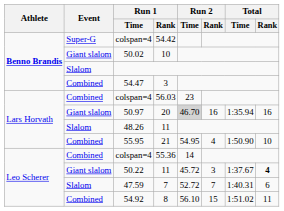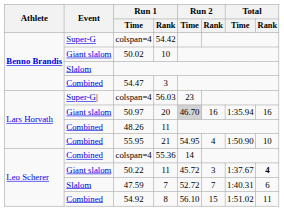 <table class="wikitable" style="font-size:90%">
 <tr>
 <th rowspan=2>Athlete</th>
 <th rowspan=2>Event</th>
 <th colspan=2>Run 1</th>
 <th colspan=2>Run 2</th>
 <th colspan=2>Total</th>
 </tr>
 <tr style="font-size:95%">
 <th>Time</th>
 <th>Rank</th>
 <th>Time</th>
 <th>Rank</th>
 <th>Time</th>
 <th>Rank</th>
 </tr>
 <tr align=center>
 <td align="left" rowspan="4"><strong><a href='#'>Benno Brandis</a></strong></td>
 <td align="left"><a href='#'>Super-G</a></td>
 <td>colspan=4</td>
 <td>54.42</td>
 <td></td>
 </tr>
 <tr align=center>
 <td align="left"><a href='#'>Giant slalom</a></td>
 <td>50.02</td>
 <td>10</td>
 <td colspan=4></td>
 </tr>
 <tr align=center>
 <td align="left"><a href='#'>Slalom</a></td>
 <td colspan=6></td>
 </tr>
 <tr align=center>
 <td align="left"><a href='#'>Combined</a></td>
 <td>54.47</td>
 <td>3</td>
 <td colspan=4></td>
 </tr>
 <tr align=center>
 <td align="left" rowspan="4"><a href='#'>Lars Horvath</a></td>
-<td align="left"><a href='#'>Combined</a></td>
+<td align="left"><a href='#'>Super-G</a>|</td>
 <td>colspan=4</td>
 <td>56.03</td>
 <td>23</td>
 </tr>
 <tr align=center>
 <td align="left"><a href='#'>Giant slalom</a></td>
 <td>50.97</td>
 <td>20</td>
 <td style="background: lightgrey;">46.70</td>
 <td>16</td>
 <td>1:35.94</td>
 <td>16</td>
 </tr>
 <tr align=center>
-<td align="left"><a href='#'>Slalom</a></td>
+<td align="left"><a href='#'>Combined</a></td>
 <td>48.26</td>
 <td>11</td>
 <td colspan=4></td>
 </tr>
 <tr align=center>
 <td align="left"><a href='#'>Combined</a></td>
 <td>55.95</td>
 <td>21</td>
 <td>54.95</td>
 <td>4</td>
 <td>1:50.90</td>
 <td>10</td>
 </tr>
 <tr align=center>
 <td align="left" rowspan="4"><a href='#'>Leo Scherer</a></td>
 <td align="left"><a href='#'>Combined</a></td>
 <td>colspan=4</td>
 <td>55.36</td>
 <td>14</td>
 </tr>
 <tr align=center>
 <td align="left"><a href='#'>Giant slalom</a></td>
 <td>50.22</td>
 <td>11</td>
 <td>45.72</td>
 <td>3</td>
 <td>1:37.67</td>
 <td><strong>4</strong></td>
 </tr>
 <tr align=center>
 <td align="left"><a href='#'>Slalom</a></td>
 <td>47.59</td>
 <td>7</td>
 <td>52.72</td>
 <td>7</td>
 <td>1:40.31</td>
 <td>6</td>
 </tr>
 <tr align=center>
 <td align="left"><a href='#'>Combined</a></td>
 <td>54.92</td>
 <td>8</td>
 <td>56.10</td>
 <td>15</td>
 <td>1:51.02</td>
 <td>11</td>
 </tr>
 </table>
